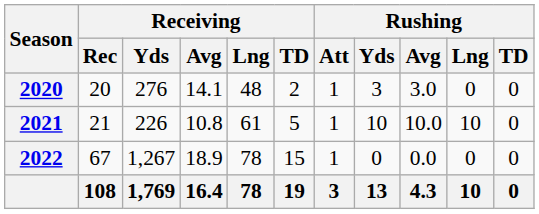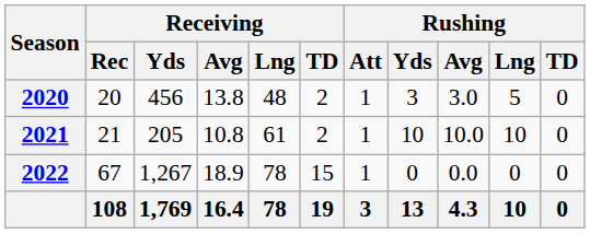 <table class="wikitable" style="text-align:center;">
 <tr>
 <th rowspan="2">Season</th>
 <th colspan="5">Receiving</th>
 <th colspan="5">Rushing</th>
 </tr>
 <tr>
 <th>Rec</th>
 <th>Yds</th>
 <th>Avg</th>
 <th>Lng</th>
 <th>TD</th>
 <th>Att</th>
 <th>Yds</th>
 <th>Avg</th>
 <th>Lng</th>
 <th>TD</th>
 </tr>
 <tr>
 <th><a href='#'>2020</a></th>
 <td>20</td>
-<td>276</td>
-<td>14.1</td>
+<td>456</td>
+<td>13.8</td>
 <td>48</td>
 <td>2</td>
 <td>1</td>
 <td>3</td>
 <td>3.0</td>
-<td>0</td>
+<td>5</td>
 <td>0</td>
 </tr>
 <tr>
 <th><a href='#'>2021</a></th>
 <td>21</td>
-<td>226</td>
+<td>205</td>
 <td>10.8</td>
 <td>61</td>
-<td>5</td>
+<td>2</td>
 <td>1</td>
 <td>10</td>
 <td>10.0</td>
 <td>10</td>
 <td>0</td>
 </tr>
 <tr>
 <th><a href='#'>2022</a></th>
 <td>67</td>
 <td>1,267</td>
 <td>18.9</td>
 <td>78</td>
 <td>15</td>
 <td>1</td>
 <td>0</td>
 <td>0.0</td>
 <td>0</td>
 <td>0</td>
 </tr>
 <tr>
 <th></th>
 <th>108</th>
 <th>1,769</th>
 <th>16.4</th>
 <th>78</th>
 <th>19</th>
 <th>3</th>
 <th>13</th>
 <th>4.3</th>
 <th>10</th>
 <th>0</th>
 </tr>
 </table>
